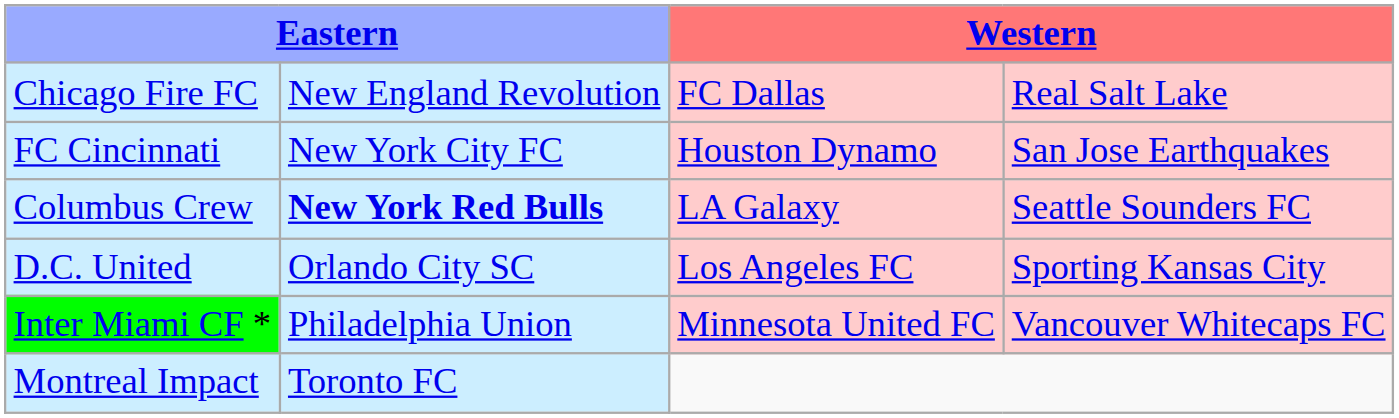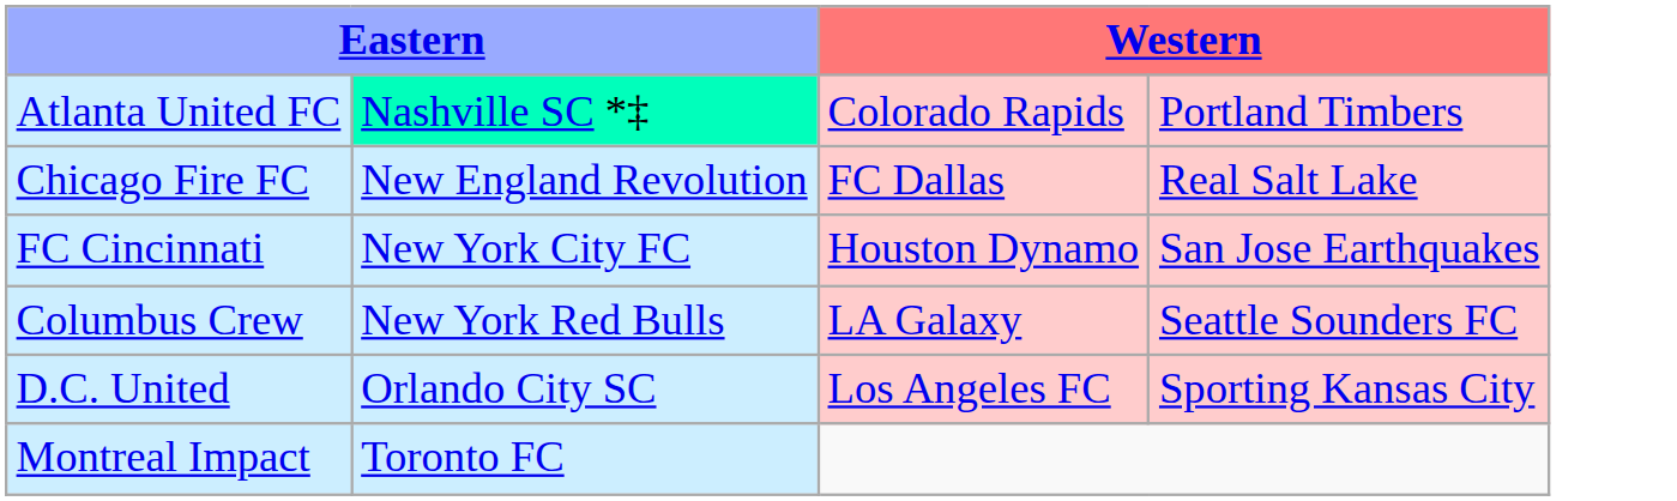 <table class="wikitable">
 <tr>
 <th colspan=2 style="background-color: #9AF;"><a href='#'>Eastern</a></th>
 <th colspan=2 style="background-color: #F77;"><a href='#'>Western</a></th>
+</tr>
+<tr>
+<td style="background-color: #CEF;"><a href='#'>Atlanta United FC</a></td>
+<td style="background-color: #0FB;"><a href='#'>Nashville SC</a> *‡</td>
+<td style="background-color: #FCC;"><a href='#'>Colorado Rapids</a></td>
+<td style="background-color: #FCC;"><a href='#'>Portland Timbers</a></td>
 </tr>
 <tr>
 <td style="background-color: #CEF;"><a href='#'>Chicago Fire FC</a></td>
 <td style="background-color: #CEF;"><a href='#'>New England Revolution</a></td>
 <td style="background-color: #FCC;"><a href='#'>FC Dallas</a></td>
 <td style="background-color: #FCC;"><a href='#'>Real Salt Lake</a></td>
 </tr>
 <tr>
 <td style="background-color: #CEF;"><a href='#'>FC Cincinnati</a></td>
 <td style="background-color: #CEF;"><a href='#'>New York City FC</a></td>
 <td style="background-color: #FCC;"><a href='#'>Houston Dynamo</a></td>
 <td style="background-color: #FCC;"><a href='#'>San Jose Earthquakes</a></td>
 </tr>
 <tr>
 <td style="background-color: #CEF;"><a href='#'>Columbus Crew</a></td>
-<td style="background-color: #CEF;"><strong><a href='#'>New York Red Bulls</a></strong></td>
+<td style="background-color: #CEF;"><a href='#'>New York Red Bulls</a></td>
 <td style="background-color: #FCC;"><a href='#'>LA Galaxy</a></td>
 <td style="background-color: #FCC;"><a href='#'>Seattle Sounders FC</a></td>
 </tr>
 <tr>
 <td style="background-color: #CEF;"><a href='#'>D.C. United</a></td>
 <td style="background-color: #CEF;"><a href='#'>Orlando City SC</a></td>
 <td style="background-color: #FCC;"><a href='#'>Los Angeles FC</a></td>
 <td style="background-color: #FCC;"><a href='#'>Sporting Kansas City</a></td>
 </tr>
 <tr>
-<td style="background-color: #0F0;"><a href='#'>Inter Miami CF</a> *</td>
-<td style="background-color: #CEF;"><a href='#'>Philadelphia Union</a></td>
-<td style="background-color: #FCC;"><a href='#'>Minnesota United FC</a></td>
-<td style="background-color: #FCC;"><a href='#'>Vancouver Whitecaps FC</a></td>
-</tr>
-<tr>
 <td style="background-color: #CEF;"><a href='#'>Montreal Impact</a></td>
 <td style="background-color: #CEF;"><a href='#'>Toronto FC</a></td>
 </tr>
 </table>
